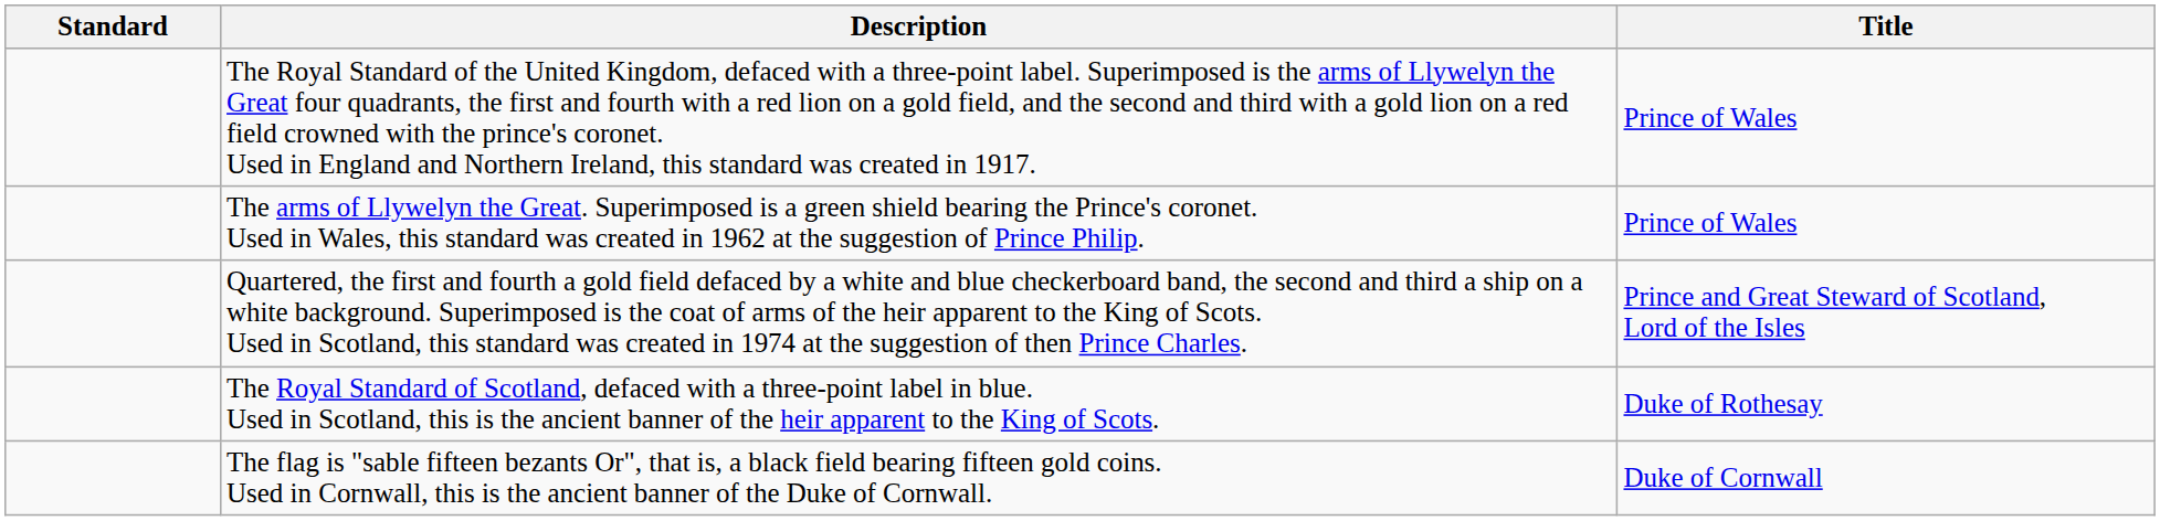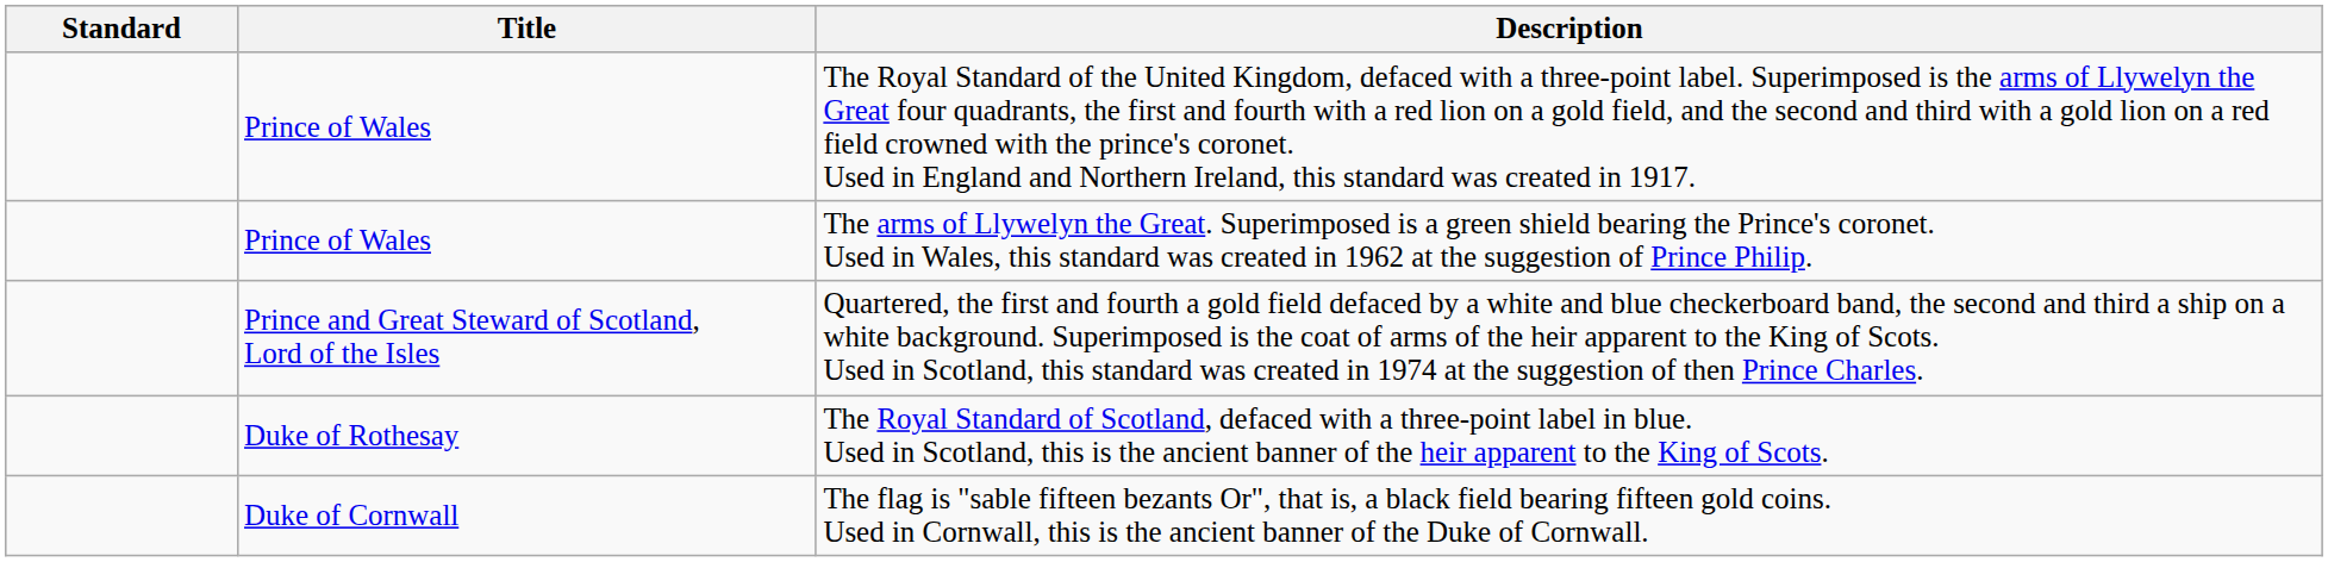 <table class="wikitable">
 <tr style="background:#efefef;">
 <th style="width:10%;">Standard</th>
+<th style="width:25%;">Title</th>
 <th style="width:65%;">Description</th>
-<th style="width:25%;">Title</th>
 </tr>
 <tr>
 <td></td>
+<td><a href='#'>Prince of Wales</a></td>
 <td>The Royal Standard of the United Kingdom, defaced with a three-point label. Superimposed is the <a href='#'>arms of Llywelyn the Great</a> four quadrants, the first and fourth with a red lion on a gold field, and the second and third with a gold lion on a red field crowned with the prince's coronet.<br>Used in England and Northern Ireland, this standard was created in 1917.</td>
-<td><a href='#'>Prince of Wales</a></td>
 </tr>
 <tr>
 <td></td>
+<td><a href='#'>Prince of Wales</a></td>
 <td>The <a href='#'>arms of Llywelyn the Great</a>. Superimposed is a green shield bearing the Prince's coronet.<br>Used in Wales, this standard was created in 1962 at the suggestion of <a href='#'>Prince Philip</a>.</td>
-<td><a href='#'>Prince of Wales</a></td>
 </tr>
 <tr>
 <td></td>
+<td><a href='#'>Prince and Great Steward of Scotland</a>, <br> <a href='#'>Lord of the Isles</a></td>
 <td>Quartered, the first and fourth a gold field defaced by a white and blue checkerboard band, the second and third a ship on a white background. Superimposed is the coat of arms of the heir apparent to the King of Scots.<br>Used in Scotland, this standard was created in 1974 at the suggestion of then <a href='#'>Prince Charles</a>.</td>
-<td><a href='#'>Prince and Great Steward of Scotland</a>, <br> <a href='#'>Lord of the Isles</a></td>
 </tr>
 <tr>
 <td></td>
+<td><a href='#'>Duke of Rothesay</a></td>
 <td>The <a href='#'>Royal Standard of Scotland</a>, defaced with a three-point label in blue.<br>Used in Scotland, this is the ancient banner of the <a href='#'>heir apparent</a> to the <a href='#'>King of Scots</a>.</td>
-<td><a href='#'>Duke of Rothesay</a></td>
 </tr>
 <tr>
 <td></td>
+<td><a href='#'>Duke of Cornwall</a></td>
 <td>The flag is "sable fifteen bezants Or", that is, a black field bearing fifteen gold coins.<br>Used in Cornwall, this is the ancient banner of the Duke of Cornwall.</td>
-<td><a href='#'>Duke of Cornwall</a></td>
 </tr>
 </table>
